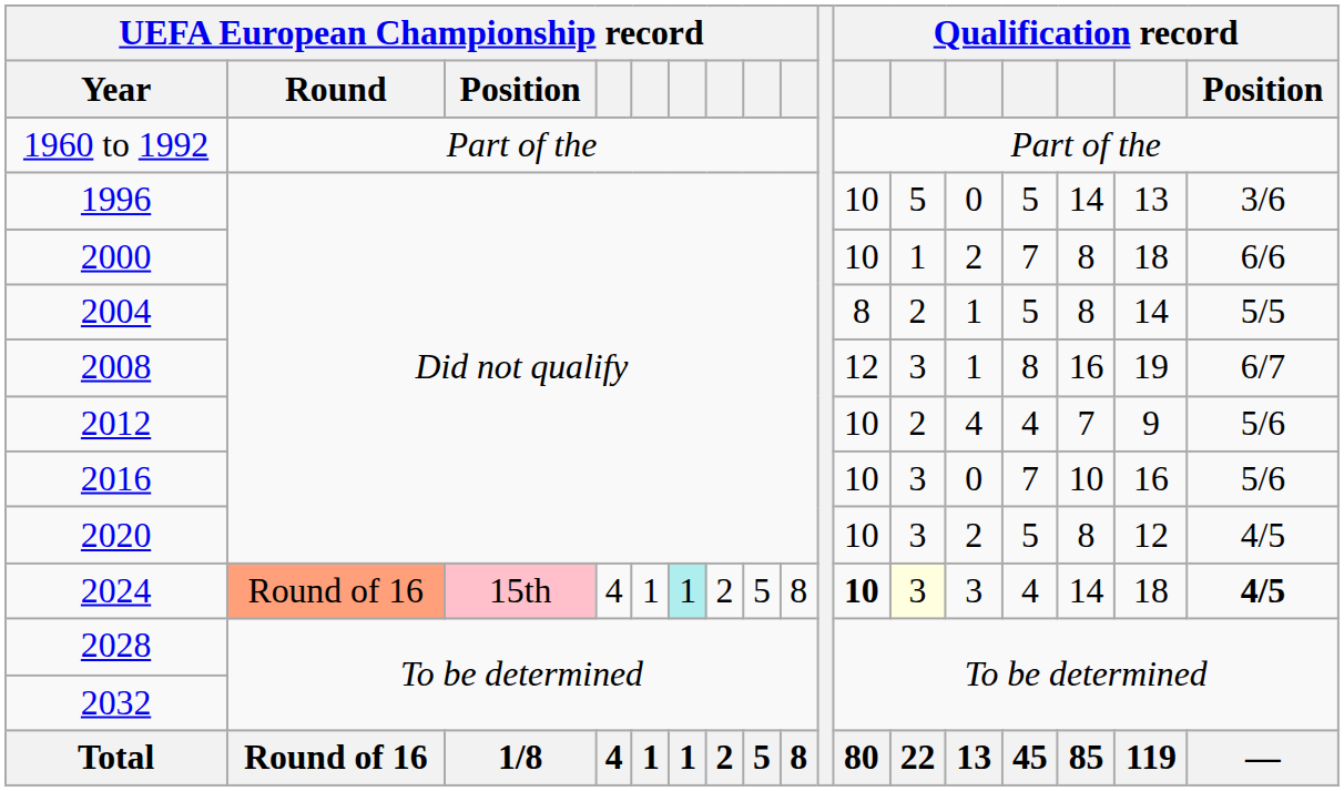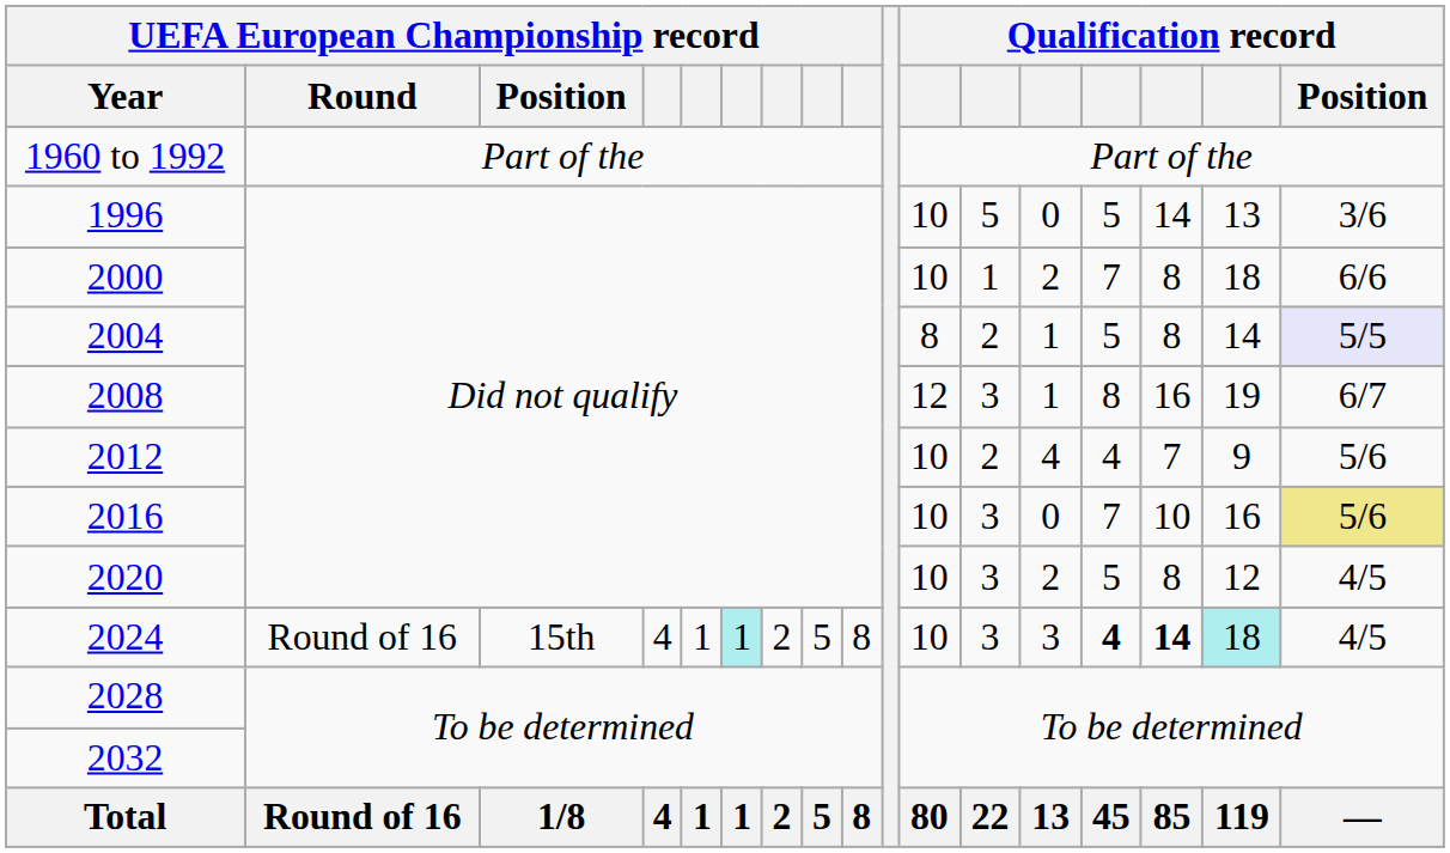 <table class="wikitable" style="text-align:center">
 <tr>
 <th colspan=9><a href='#'>UEFA European Championship</a> record</th>
 <th width=1% rowspan=14></th>
 <th colspan=8><a href='#'>Qualification</a> record</th>
 </tr>
 <tr>
 <th>Year</th>
 <th>Round</th>
 <th>Position</th>
 <th></th>
 <th></th>
 <th></th>
 <th></th>
 <th></th>
 <th></th>
 <th></th>
 <th></th>
 <th></th>
 <th></th>
 <th></th>
 <th></th>
 <th>Position</th>
 </tr>
 <tr>
 <td> <a href='#'>1960</a> to  <a href='#'>1992</a></td>
 <td colspan=8><em>Part of the </em></td>
 <td colspan=7><em>Part of the </em></td>
 </tr>
 <tr>
 <td> <a href='#'>1996</a></td>
 <td rowspan=7 colspan=8><em>Did not qualify</em></td>
 <td>10</td>
 <td>5</td>
 <td>0</td>
 <td>5</td>
 <td>14</td>
 <td>13</td>
 <td>3/6</td>
 </tr>
 <tr>
 <td>  <a href='#'>2000</a></td>
 <td>10</td>
 <td>1</td>
 <td>2</td>
 <td>7</td>
 <td>8</td>
 <td>18</td>
 <td>6/6</td>
 </tr>
 <tr>
 <td> <a href='#'>2004</a></td>
 <td>8</td>
 <td>2</td>
 <td>1</td>
 <td>5</td>
 <td>8</td>
 <td>14</td>
-<td>5/5</td>
+<td style="background: lavender;">5/5</td>
 </tr>
 <tr>
 <td>  <a href='#'>2008</a></td>
 <td>12</td>
 <td>3</td>
 <td>1</td>
 <td>8</td>
 <td>16</td>
 <td>19</td>
 <td>6/7</td>
 </tr>
 <tr>
 <td>  <a href='#'>2012</a></td>
 <td>10</td>
 <td>2</td>
 <td>4</td>
 <td>4</td>
 <td>7</td>
 <td>9</td>
 <td>5/6</td>
 </tr>
 <tr>
 <td> <a href='#'>2016</a></td>
 <td>10</td>
 <td>3</td>
 <td>0</td>
 <td>7</td>
 <td>10</td>
 <td>16</td>
-<td>5/6</td>
+<td style="background: khaki;">5/6</td>
 </tr>
 <tr>
 <td> <a href='#'>2020</a></td>
 <td>10</td>
 <td>3</td>
 <td>2</td>
 <td>5</td>
 <td>8</td>
 <td>12</td>
 <td>4/5 </td>
 </tr>
 <tr>
 <td> <a href='#'>2024</a></td>
-<td style="background: lightsalmon;">Round of 16</td>
-<td style="background: pink;">15th</td>
+<td>Round of 16</td>
+<td>15th</td>
 <td>4</td>
 <td>1</td>
 <td style="background: paleturquoise;">1</td>
 <td>2</td>
 <td>5</td>
 <td>8</td>
-<td><strong>10</strong></td>
-<td style="background: lightyellow;">3</td>
+<td>10</td>
 <td>3</td>
-<td>4</td>
-<td>14</td>
-<td>18</td>
-<td><strong>4/5 </strong></td>
+<td>3</td>
+<td><strong>4</strong></td>
+<td><strong>14</strong></td>
+<td style="background: paleturquoise;">18</td>
+<td>4/5 </td>
 </tr>
 <tr>
 <td>  <a href='#'>2028</a></td>
 <td colspan="8" rowspan="2"><em>To be determined</em></td>
 <td colspan="7" rowspan="2"><em>To be determined</em></td>
 </tr>
 <tr>
 <td>  <a href='#'>2032</a></td>
 </tr>
 <tr>
 <th>Total</th>
 <th>Round of 16</th>
 <th>1/8</th>
 <th>4</th>
 <th>1</th>
 <th>1</th>
 <th>2</th>
 <th>5</th>
 <th>8</th>
 <th>80</th>
 <th>22</th>
 <th>13</th>
 <th>45</th>
 <th>85</th>
 <th>119</th>
 <th>—</th>
 </tr>
 </table>
